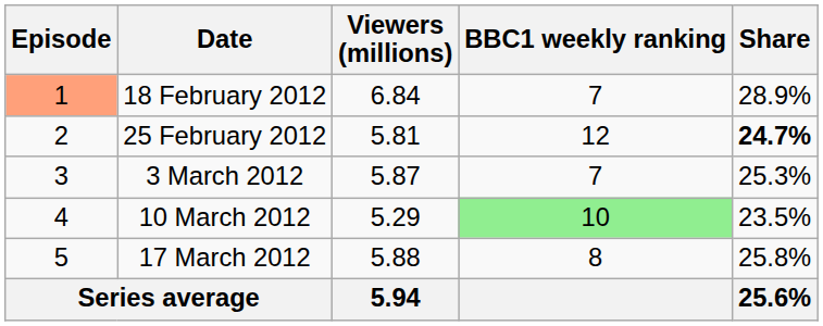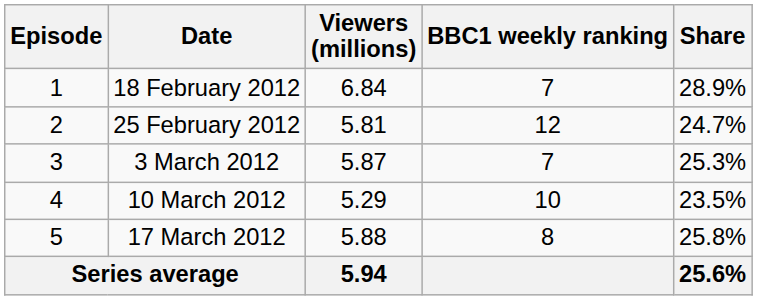 <table class="wikitable" style="text-align:center">
 <tr>
 <th>Episode</th>
 <th>Date</th>
 <th>Viewers<br>(millions)</th>
 <th>BBC1 weekly ranking</th>
 <th>Share</th>
 </tr>
 <tr>
-<td style="background: lightsalmon;">1</td>
+<td>1</td>
 <td>18 February 2012</td>
 <td>6.84</td>
 <td>7</td>
 <td>28.9%</td>
 </tr>
 <tr>
 <td>2</td>
 <td>25 February 2012</td>
 <td>5.81</td>
 <td>12</td>
-<td><strong>24.7%</strong></td>
+<td>24.7%</td>
 </tr>
 <tr>
 <td>3</td>
 <td>3 March 2012</td>
 <td>5.87</td>
 <td>7</td>
 <td>25.3%</td>
 </tr>
 <tr>
 <td>4</td>
 <td>10 March 2012</td>
 <td>5.29</td>
-<td style="background: lightgreen;">10</td>
+<td>10</td>
 <td>23.5%</td>
 </tr>
 <tr>
 <td>5</td>
 <td>17 March 2012</td>
 <td>5.88</td>
 <td>8</td>
 <td>25.8%</td>
 </tr>
 <tr>
 <th colspan="2" scope="row">Series average</th>
 <th>5.94</th>
 <th></th>
 <th>25.6%</th>
 </tr>
 </table>
